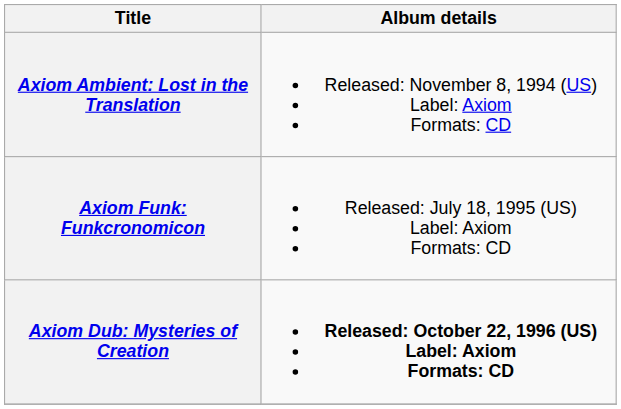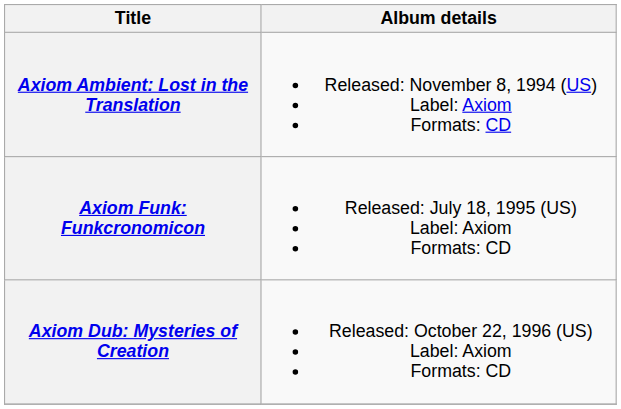 <table class="wikitable plainrowheaders" style="text-align:center;">
 <tr>
 <th scope="col" style="width:14em;">Title</th>
 <th scope="col" style="width:19.5em;">Album details</th>
 </tr>
 <tr>
 <th scope="row"><em><a href='#'>Axiom Ambient: Lost in the Translation</a></em></th>
 <td><br><ul><li>Released: November 8, 1994 <span>(<a href='#'>US</a>)</span></li><li>Label: <a href='#'>Axiom</a></li><li>Formats: <a href='#'>CD</a></li></ul></td>
 </tr>
 <tr>
 <th scope="row"><em><a href='#'>Axiom Funk: Funkcronomicon</a></em></th>
 <td><br><ul><li>Released: July 18, 1995 <span>(US)</span></li><li>Label: Axiom</li><li>Formats: CD</li></ul></td>
 </tr>
 <tr>
 <th scope="row"><em><a href='#'>Axiom Dub: Mysteries of Creation</a></em></th>
-<td><strong><br><ul><li>Released: October 22, 1996 <span>(US)</span></li><li>Label: Axiom</li><li>Formats: CD</li></ul></strong></td>
+<td><br><ul><li>Released: October 22, 1996 <span>(US)</span></li><li>Label: Axiom</li><li>Formats: CD</li></ul></td>
 </tr>
 <tr>
 </tr>
 </table>
